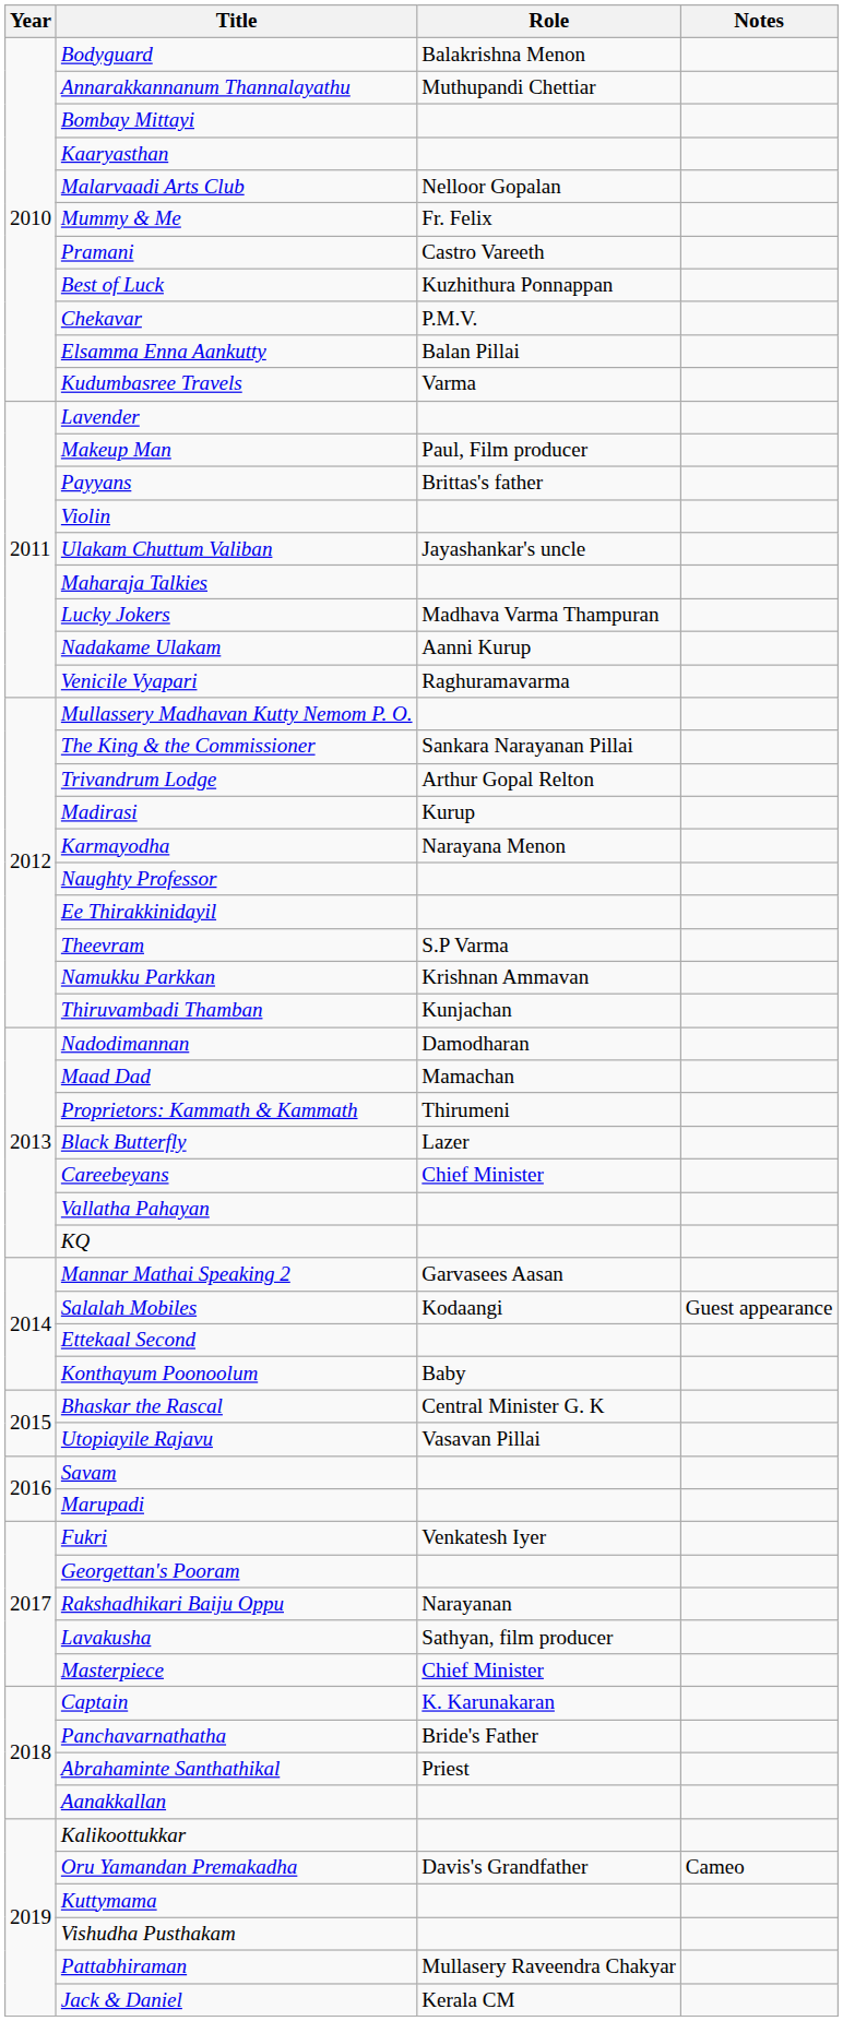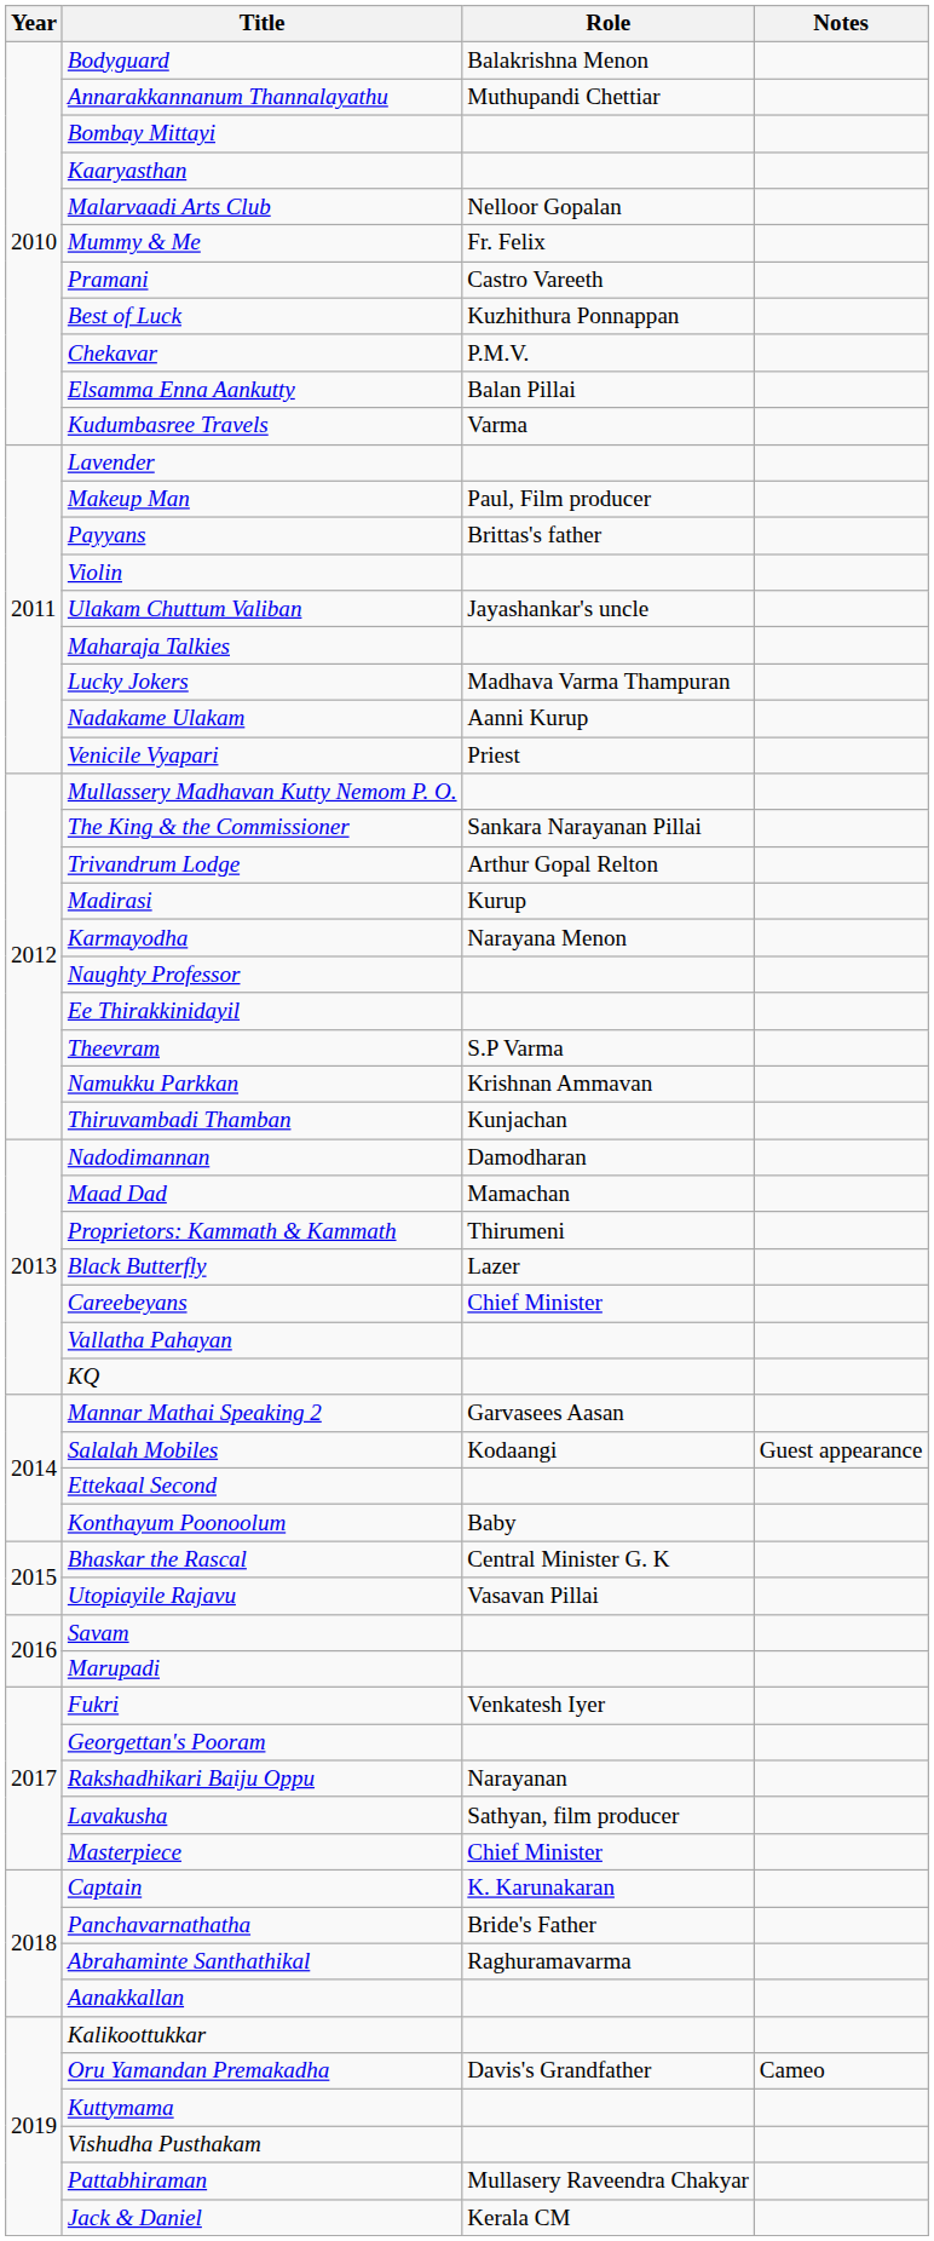 <table class="wikitable sortable">
 <tr>
 <th>Year</th>
 <th>Title</th>
 <th>Role</th>
 <th class="unsortable">Notes</th>
 </tr>
 <tr>
 <td rowspan=11>2010</td>
 <td><em><a href='#'>Bodyguard</a></em></td>
 <td>Balakrishna Menon</td>
 <td></td>
 </tr>
 <tr>
 <td><em><a href='#'>Annarakkannanum Thannalayathu</a></em></td>
 <td>Muthupandi Chettiar</td>
 <td></td>
 </tr>
 <tr>
 <td><em><a href='#'>Bombay Mittayi</a></em></td>
 <td></td>
 <td></td>
 </tr>
 <tr>
 <td><em><a href='#'>Kaaryasthan</a></em></td>
 <td></td>
 <td></td>
 </tr>
 <tr>
 <td><em><a href='#'>Malarvaadi Arts Club</a></em></td>
 <td>Nelloor Gopalan</td>
 <td></td>
 </tr>
 <tr>
 <td><em><a href='#'>Mummy & Me</a></em></td>
 <td>Fr. Felix</td>
 <td></td>
 </tr>
 <tr>
 <td><em><a href='#'>Pramani</a></em></td>
 <td>Castro Vareeth</td>
 <td></td>
 </tr>
 <tr>
 <td><em><a href='#'>Best of Luck</a></em></td>
 <td>Kuzhithura Ponnappan</td>
 <td></td>
 </tr>
 <tr>
 <td><em><a href='#'>Chekavar</a></em></td>
 <td>P.M.V.</td>
 <td></td>
 </tr>
 <tr>
 <td><em><a href='#'>Elsamma Enna Aankutty</a></em></td>
 <td>Balan Pillai</td>
 <td></td>
 </tr>
 <tr>
 <td><em><a href='#'>Kudumbasree Travels</a></em></td>
 <td>Varma</td>
 <td></td>
 </tr>
 <tr>
 <td rowspan=9>2011</td>
 <td><em><a href='#'>Lavender</a></em></td>
 <td></td>
 <td></td>
 </tr>
 <tr>
 <td><em><a href='#'>Makeup Man</a></em></td>
 <td>Paul, Film producer</td>
 <td></td>
 </tr>
 <tr>
 <td><em><a href='#'>Payyans</a></em></td>
 <td>Brittas's father</td>
 <td></td>
 </tr>
 <tr>
 <td><em><a href='#'>Violin</a></em></td>
 <td></td>
 <td></td>
 </tr>
 <tr>
 <td><em><a href='#'>Ulakam Chuttum Valiban</a></em></td>
 <td>Jayashankar's uncle</td>
 <td></td>
 </tr>
 <tr>
 <td><em><a href='#'>Maharaja Talkies</a></em></td>
 <td></td>
 <td></td>
 </tr>
 <tr>
 <td><em><a href='#'>Lucky Jokers</a></em></td>
 <td>Madhava Varma Thampuran</td>
 <td></td>
 </tr>
 <tr>
 <td><em><a href='#'>Nadakame Ulakam</a></em></td>
 <td>Aanni Kurup</td>
 <td></td>
 </tr>
 <tr>
 <td><em><a href='#'>Venicile Vyapari</a></em></td>
-<td>Raghuramavarma</td>
+<td>Priest</td>
 <td></td>
 </tr>
 <tr>
 <td rowspan=10>2012</td>
 <td><em><a href='#'>Mullassery Madhavan Kutty Nemom P. O.</a></em></td>
 <td></td>
 <td></td>
 </tr>
 <tr>
 <td><em><a href='#'>The King & the Commissioner</a></em></td>
 <td>Sankara Narayanan Pillai</td>
 <td></td>
 </tr>
 <tr>
 <td><em><a href='#'>Trivandrum Lodge</a></em></td>
 <td>Arthur Gopal Relton</td>
 <td></td>
 </tr>
 <tr>
 <td><em><a href='#'>Madirasi</a></em></td>
 <td>Kurup</td>
 <td></td>
 </tr>
 <tr>
 <td><em><a href='#'>Karmayodha</a></em></td>
 <td>Narayana Menon</td>
 <td></td>
 </tr>
 <tr>
 <td><em><a href='#'>Naughty Professor</a></em></td>
 <td></td>
 <td></td>
 </tr>
 <tr>
 <td><em><a href='#'>Ee Thirakkinidayil</a></em></td>
 <td></td>
 <td></td>
 </tr>
 <tr>
 <td><em><a href='#'>Theevram</a></em></td>
 <td>S.P Varma</td>
 <td></td>
 </tr>
 <tr>
 <td><em><a href='#'>Namukku Parkkan</a></em></td>
 <td>Krishnan Ammavan</td>
 <td></td>
 </tr>
 <tr>
 <td><em><a href='#'>Thiruvambadi Thamban</a></em></td>
 <td>Kunjachan</td>
 <td></td>
 </tr>
 <tr>
 <td rowspan=7>2013</td>
 <td><em><a href='#'>Nadodimannan</a></em></td>
 <td>Damodharan</td>
 <td></td>
 </tr>
 <tr>
 <td><em><a href='#'>Maad Dad</a></em></td>
 <td>Mamachan</td>
 <td></td>
 </tr>
 <tr>
 <td><em><a href='#'>Proprietors: Kammath & Kammath</a></em></td>
 <td>Thirumeni</td>
 <td></td>
 </tr>
 <tr>
 <td><em><a href='#'>Black Butterfly</a></em></td>
 <td>Lazer</td>
 <td></td>
 </tr>
 <tr>
 <td><em><a href='#'>Careebeyans</a></em></td>
 <td><a href='#'>Chief Minister</a></td>
 <td></td>
 </tr>
 <tr>
 <td><em><a href='#'>Vallatha Pahayan</a></em></td>
 <td></td>
 <td></td>
 </tr>
 <tr>
 <td><em>KQ</em></td>
 <td></td>
 <td></td>
 </tr>
 <tr>
 <td rowspan=4>2014</td>
 <td><em><a href='#'>Mannar Mathai Speaking 2</a></em></td>
 <td>Garvasees Aasan</td>
 <td></td>
 </tr>
 <tr>
 <td><em><a href='#'>Salalah Mobiles</a></em></td>
 <td>Kodaangi</td>
 <td>Guest appearance</td>
 </tr>
 <tr>
 <td><em><a href='#'>Ettekaal Second</a></em></td>
 <td></td>
 <td></td>
 </tr>
 <tr>
 <td><em><a href='#'>Konthayum Poonoolum</a></em></td>
 <td>Baby</td>
 <td></td>
 </tr>
 <tr>
 <td rowspan=2>2015</td>
 <td><em><a href='#'>Bhaskar the Rascal</a></em></td>
 <td>Central Minister G. K</td>
 <td></td>
 </tr>
 <tr>
 <td><em><a href='#'>Utopiayile Rajavu</a></em></td>
 <td>Vasavan Pillai</td>
 <td></td>
 </tr>
 <tr>
 <td rowspan=2>2016</td>
 <td><em><a href='#'>Savam</a></em></td>
 <td></td>
 <td></td>
 </tr>
 <tr>
 <td><em><a href='#'>Marupadi</a></em></td>
 <td></td>
 <td></td>
 </tr>
 <tr>
 <td rowspan=5>2017</td>
 <td><em><a href='#'>Fukri</a></em></td>
 <td>Venkatesh Iyer</td>
 <td></td>
 </tr>
 <tr>
 <td><em><a href='#'>Georgettan's Pooram</a></em></td>
 <td></td>
 <td></td>
 </tr>
 <tr>
 <td><em><a href='#'>Rakshadhikari Baiju Oppu</a></em></td>
 <td>Narayanan</td>
 <td></td>
 </tr>
 <tr>
 <td><em><a href='#'>Lavakusha</a></em></td>
 <td>Sathyan, film producer</td>
 <td></td>
 </tr>
 <tr>
 <td><em><a href='#'>Masterpiece</a></em></td>
 <td><a href='#'>Chief Minister</a></td>
 <td></td>
 </tr>
 <tr>
 <td rowspan=4>2018</td>
 <td><em><a href='#'>Captain</a></em></td>
 <td><a href='#'>K. Karunakaran</a></td>
 <td></td>
 </tr>
 <tr>
 <td><em><a href='#'>Panchavarnathatha</a></em></td>
 <td>Bride's Father</td>
 <td></td>
 </tr>
 <tr>
 <td><em><a href='#'>Abrahaminte Santhathikal</a></em></td>
-<td>Priest</td>
+<td>Raghuramavarma</td>
 <td></td>
 </tr>
 <tr>
 <td><em><a href='#'>Aanakkallan</a></em></td>
 <td></td>
 <td></td>
 </tr>
 <tr>
 <td rowspan=6>2019</td>
 <td><em>Kalikoottukkar</em></td>
 <td></td>
 <td></td>
 </tr>
 <tr>
 <td><em><a href='#'>Oru Yamandan Premakadha</a></em></td>
 <td>Davis's Grandfather</td>
 <td>Cameo</td>
 </tr>
 <tr>
 <td><em><a href='#'>Kuttymama</a></em></td>
 <td></td>
 <td></td>
 </tr>
 <tr>
 <td><em>Vishudha Pusthakam</em></td>
 <td></td>
 <td></td>
 </tr>
 <tr>
 <td><em><a href='#'>Pattabhiraman</a></em></td>
 <td>Mullasery Raveendra Chakyar</td>
 <td></td>
 </tr>
 <tr>
 <td><em><a href='#'>Jack & Daniel</a></em></td>
 <td>Kerala CM</td>
 <td></td>
 </tr>
 <tr>
 </tr>
 </table>
